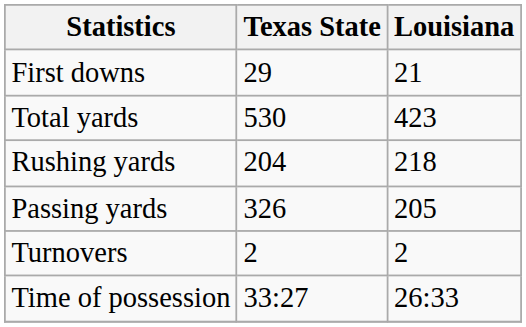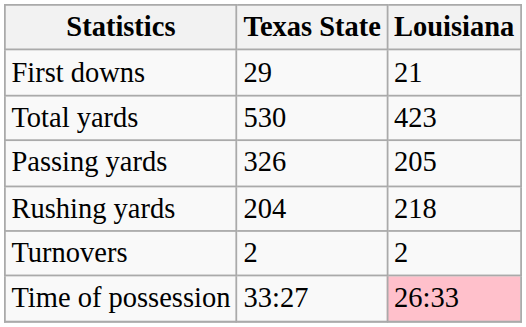 <table class="wikitable">
 <tr>
 <th>Statistics</th>
 <th>Texas State</th>
 <th>Louisiana</th>
 </tr>
 <tr>
 <td>First downs</td>
 <td>29</td>
 <td>21</td>
 </tr>
 <tr>
 <td>Total yards</td>
 <td>530</td>
 <td>423</td>
 </tr>
 <tr>
+<td>Passing yards</td>
+<td>326</td>
+<td>205</td>
+</tr>
+<tr>
 <td>Rushing yards</td>
 <td>204</td>
 <td>218</td>
-</tr>
-<tr>
-<td>Passing yards</td>
-<td>326</td>
-<td>205</td>
 </tr>
 <tr>
 <td>Turnovers</td>
 <td>2</td>
 <td>2</td>
 </tr>
 <tr>
 <td>Time of possession</td>
 <td>33:27</td>
-<td>26:33</td>
+<td style="background: pink;">26:33</td>
 </tr>
 <tr>
 </tr>
 </table>
